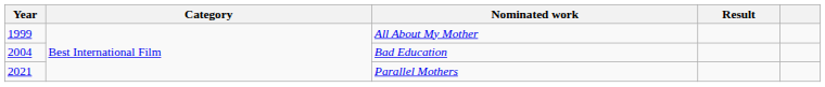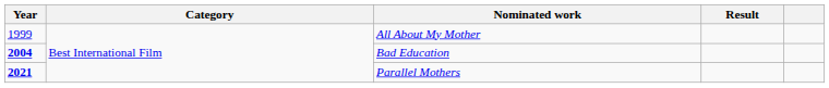 <table class="wikitable" style="width:85%;">
 <tr>
 <th width=5%>Year</th>
 <th style="width:40%;">Category</th>
 <th style="width:40%;">Nominated work</th>
 <th style="width:10%;">Result</th>
 <th width=5%></th>
 </tr>
 <tr>
 <td><a href='#'>1999</a></td>
 <td rowspan="3"><a href='#'>Best International Film</a></td>
 <td><em><a href='#'>All About My Mother</a></em></td>
 <td></td>
 <td></td>
 </tr>
 <tr>
-<td><a href='#'>2004</a></td>
+<td><strong><a href='#'>2004</a></strong></td>
 <td><em><a href='#'>Bad Education</a></em></td>
 <td></td>
 <td></td>
 </tr>
 <tr>
-<td><a href='#'>2021</a></td>
+<td><strong><a href='#'>2021</a></strong></td>
 <td><em><a href='#'>Parallel Mothers</a></em></td>
 <td></td>
 <td></td>
 </tr>
 </table>
